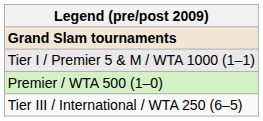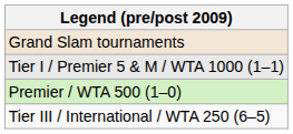 <table class=wikitable style=font-size:95%>
 <tr>
 <th>Legend (pre/post 2009)</th>
 </tr>
 <tr>
-<td bgcolor=#f3e6d7><strong>Grand Slam tournaments</strong></td>
+<td bgcolor=#f3e6d7>Grand Slam tournaments</td>
 </tr>
 <tr>
 <td bgcolor=#e9e9e9>Tier I / Premier 5 & M / WTA 1000 (1–1)</td>
 </tr>
 <tr>
 <td bgcolor=#d4f1c5>Premier / WTA 500 (1–0)</td>
 </tr>
 <tr>
 <td>Tier III / International / WTA 250 (6–5)</td>
 </tr>
 </table>
